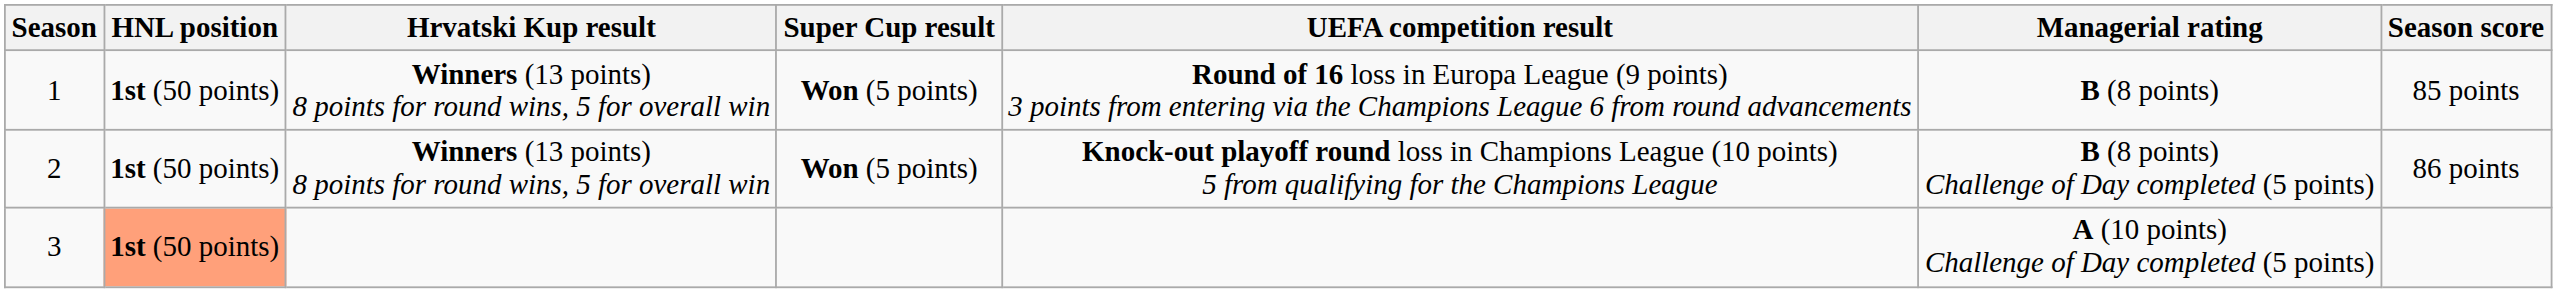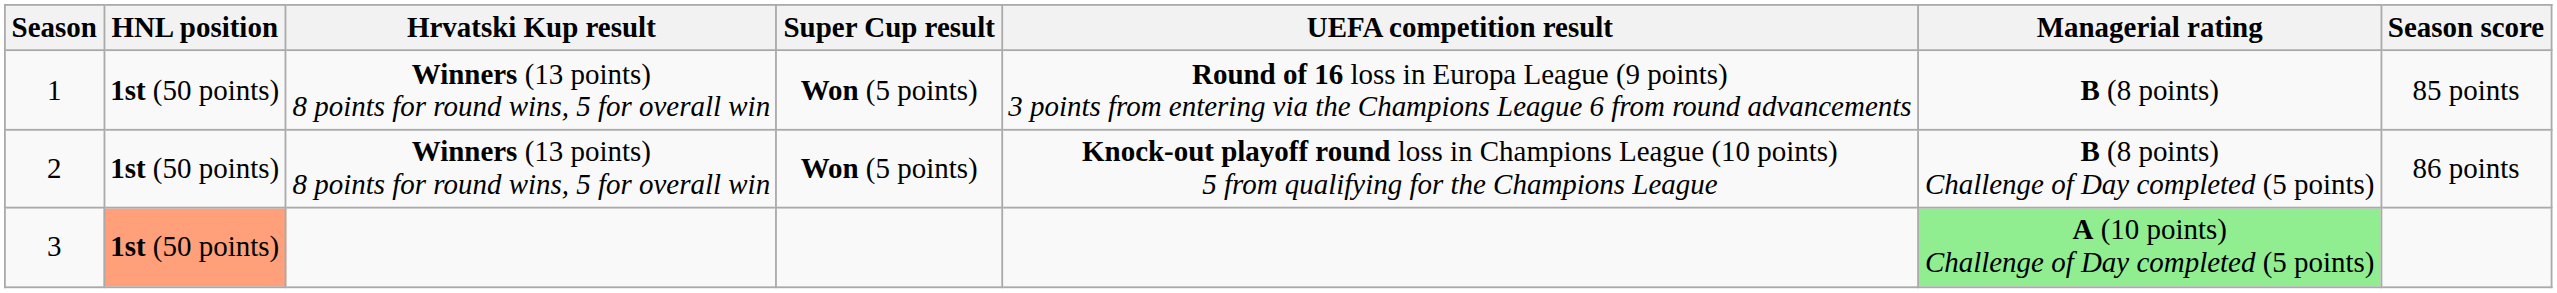 <table class="wikitable" style="text-align:center">
 <tr>
 <th>Season</th>
 <th>HNL position</th>
 <th>Hrvatski Kup result</th>
 <th>Super Cup result</th>
 <th>UEFA competition result</th>
 <th>Managerial rating</th>
 <th>Season score</th>
 </tr>
 <tr>
 <td>1</td>
 <td><strong>1st</strong> (50 points)</td>
 <td><strong>Winners</strong> (13 points)<br><em>8 points for round wins, 5 for overall win</em></td>
 <td><strong>Won</strong> (5 points)</td>
 <td><strong>Round of 16</strong> loss in Europa League (9 points)<br><em>3 points from entering via the Champions League</em> <em>6 from round advancements</em></td>
 <td><strong>B</strong> (8 points)</td>
 <td>85 points</td>
 </tr>
 <tr>
 <td>2</td>
 <td><strong>1st</strong> (50 points)</td>
 <td><strong>Winners</strong> (13 points)<br><em>8 points for round wins, 5 for overall win</em></td>
 <td><strong>Won</strong> (5 points)</td>
 <td><strong>Knock-out playoff round</strong> loss in Champions League (10 points)<br><em>5 from qualifying for the Champions League</em></td>
 <td><strong>B</strong> (8 points)<br><em>Challenge of Day completed</em> (5 points)</td>
 <td>86 points</td>
 </tr>
 <tr>
 <td>3</td>
 <td style="background: lightsalmon;"><strong>1st</strong> (50 points)</td>
 <td></td>
 <td></td>
 <td></td>
-<td><strong>A</strong> (10 points)<br><em>Challenge of Day completed</em> (5 points)</td>
+<td style="background: lightgreen;"><strong>A</strong> (10 points)<br><em>Challenge of Day completed</em> (5 points)</td>
 </tr>
 </table>
